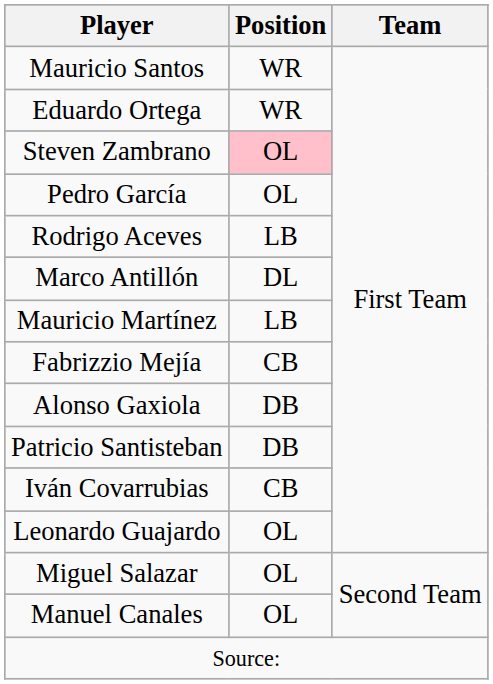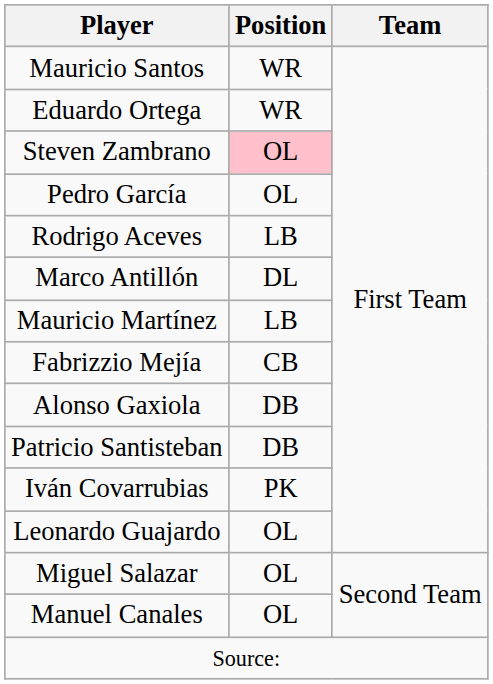 <table class="wikitable" style="text-align: center">
 <tr align=center>
 <th>Player</th>
 <th>Position</th>
 <th>Team</th>
 </tr>
 <tr>
 <td>Mauricio Santos</td>
 <td>WR</td>
 <td rowspan=12>First Team</td>
 </tr>
 <tr>
 <td>Eduardo Ortega</td>
 <td>WR</td>
 </tr>
 <tr>
 <td>Steven Zambrano</td>
 <td style="background: pink;">OL</td>
 </tr>
 <tr>
 <td>Pedro García</td>
 <td>OL</td>
 </tr>
 <tr>
 <td>Rodrigo Aceves</td>
 <td>LB</td>
 </tr>
 <tr>
 <td>Marco Antillón</td>
 <td>DL</td>
 </tr>
 <tr>
 <td>Mauricio Martínez</td>
 <td>LB</td>
 </tr>
 <tr>
 <td>Fabrizzio Mejía</td>
 <td>CB</td>
 </tr>
 <tr>
 <td>Alonso Gaxiola</td>
 <td>DB</td>
 </tr>
 <tr>
 <td>Patricio Santisteban</td>
 <td>DB</td>
 </tr>
 <tr>
 <td>Iván Covarrubias</td>
-<td>CB</td>
+<td>PK</td>
 </tr>
 <tr>
 <td>Leonardo Guajardo</td>
 <td>OL</td>
 </tr>
 <tr>
 <td>Miguel Salazar</td>
 <td>OL</td>
 <td rowspan=2>Second Team</td>
 </tr>
 <tr>
 <td>Manuel Canales</td>
 <td>OL</td>
 </tr>
 <tr>
 <td colspan="3"><small>Source:</small></td>
 </tr>
 </table>
